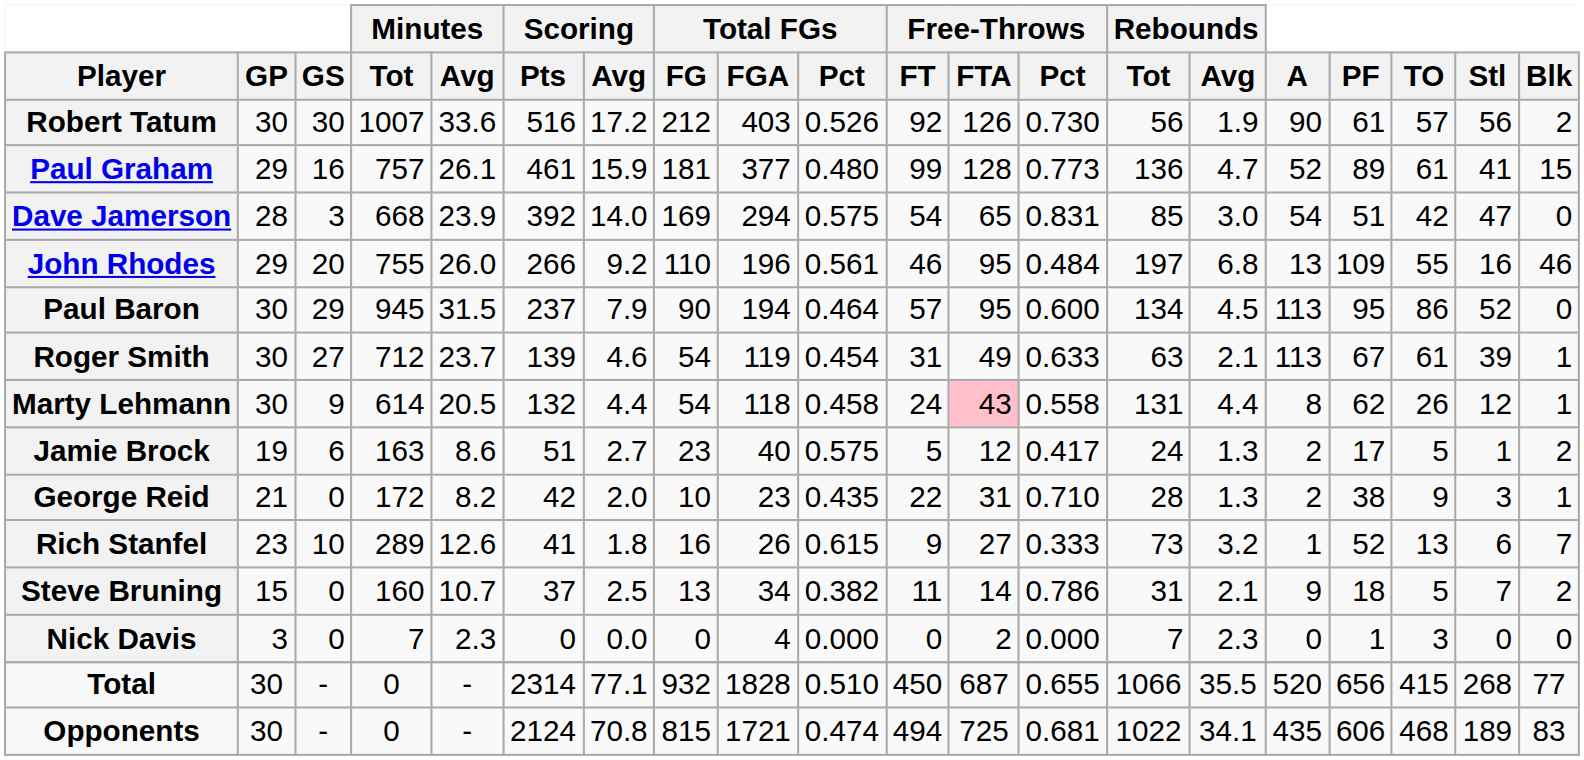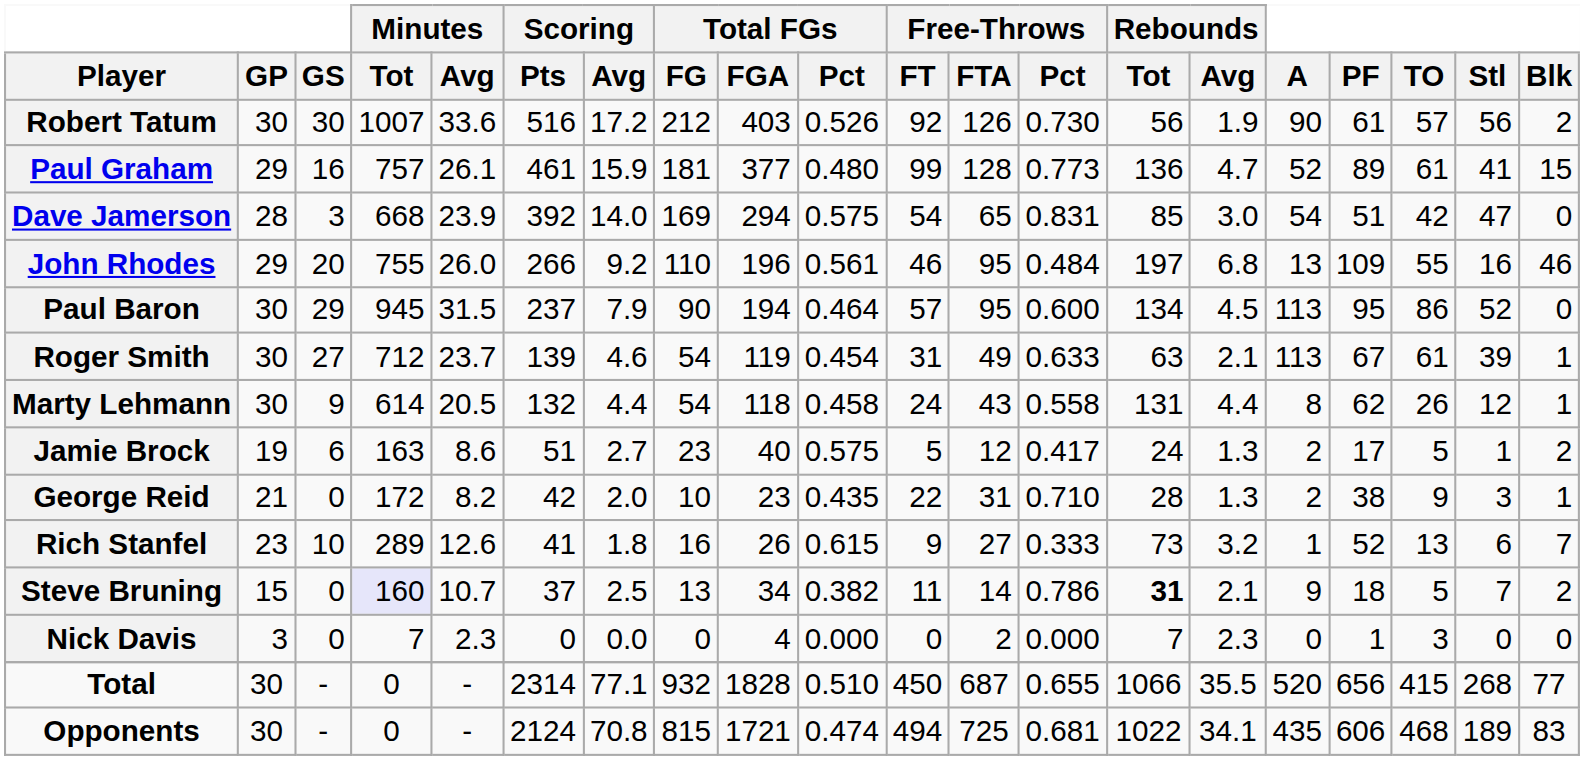 <table class="wikitable sortable" border="1" style="font-size:90%;">
 <tr>
 <th colspan="3" style="border-top-style:hidden; border-left-style:hidden; background: white;"></th>
 <th colspan="2" style=>Minutes</th>
 <th colspan="2" style=>Scoring</th>
 <th colspan="3" style=>Total FGs</th>
 <th colspan="3" style=>Free-Throws</th>
 <th colspan="2" style=>Rebounds</th>
 <th colspan="5" style="border-top-style:hidden; border-right-style:hidden; background: white;"></th>
 </tr>
 <tr>
 <th scope="col" style=>Player</th>
 <th scope="col" style=>GP</th>
 <th scope="col" style=>GS</th>
 <th scope="col" style=>Tot</th>
 <th scope="col" style=>Avg</th>
 <th scope="col" style=>Pts</th>
 <th scope="col" style=>Avg</th>
 <th scope="col" style=>FG</th>
 <th scope="col" style=>FGA</th>
 <th scope="col" style=>Pct</th>
 <th scope="col" style=>FT</th>
 <th scope="col" style=>FTA</th>
 <th scope="col" style=>Pct</th>
 <th scope="col" style=>Tot</th>
 <th scope="col" style=>Avg</th>
 <th scope="col" style=>A</th>
 <th scope="col" style=>PF</th>
 <th scope="col" style=>TO</th>
 <th scope="col" style=>Stl</th>
 <th scope="col" style=>Blk</th>
 </tr>
 <tr>
 <th>Robert Tatum</th>
 <td align="right">30</td>
 <td align="right">30</td>
 <td align="right">1007</td>
 <td align="right">33.6</td>
 <td align="right">516</td>
 <td align="right">17.2</td>
 <td align="right">212</td>
 <td align="right">403</td>
 <td align="right">0.526</td>
 <td align="right">92</td>
 <td align="right">126</td>
 <td align="right">0.730</td>
 <td align="right">56</td>
 <td align="right">1.9</td>
 <td align="right">90</td>
 <td align="right">61</td>
 <td align="right">57</td>
 <td align="right">56</td>
 <td align="right">2</td>
 </tr>
 <tr>
 <th><a href='#'>Paul Graham</a></th>
 <td align="right">29</td>
 <td align="right">16</td>
 <td align="right">757</td>
 <td align="right">26.1</td>
 <td align="right">461</td>
 <td align="right">15.9</td>
 <td align="right">181</td>
 <td align="right">377</td>
 <td align="right">0.480</td>
 <td align="right">99</td>
 <td align="right">128</td>
 <td align="right">0.773</td>
 <td align="right">136</td>
 <td align="right">4.7</td>
 <td align="right">52</td>
 <td align="right">89</td>
 <td align="right">61</td>
 <td align="right">41</td>
 <td align="right">15</td>
 </tr>
 <tr>
 <th><a href='#'>Dave Jamerson</a></th>
 <td align="right">28</td>
 <td align="right">3</td>
 <td align="right">668</td>
 <td align="right">23.9</td>
 <td align="right">392</td>
 <td align="right">14.0</td>
 <td align="right">169</td>
 <td align="right">294</td>
 <td align="right">0.575</td>
 <td align="right">54</td>
 <td align="right">65</td>
 <td align="right">0.831</td>
 <td align="right">85</td>
 <td align="right">3.0</td>
 <td align="right">54</td>
 <td align="right">51</td>
 <td align="right">42</td>
 <td align="right">47</td>
 <td align="right">0</td>
 </tr>
 <tr>
 <th><a href='#'>John Rhodes</a></th>
 <td align="right">29</td>
 <td align="right">20</td>
 <td align="right">755</td>
 <td align="right">26.0</td>
 <td align="right">266</td>
 <td align="right">9.2</td>
 <td align="right">110</td>
 <td align="right">196</td>
 <td align="right">0.561</td>
 <td align="right">46</td>
 <td align="right">95</td>
 <td align="right">0.484</td>
 <td align="right">197</td>
 <td align="right">6.8</td>
 <td align="right">13</td>
 <td align="right">109</td>
 <td align="right">55</td>
 <td align="right">16</td>
 <td align="right">46</td>
 </tr>
 <tr>
 <th>Paul Baron</th>
 <td align="right">30</td>
 <td align="right">29</td>
 <td align="right">945</td>
 <td align="right">31.5</td>
 <td align="right">237</td>
 <td align="right">7.9</td>
 <td align="right">90</td>
 <td align="right">194</td>
 <td align="right">0.464</td>
 <td align="right">57</td>
 <td align="right">95</td>
 <td align="right">0.600</td>
 <td align="right">134</td>
 <td align="right">4.5</td>
 <td align="right">113</td>
 <td align="right">95</td>
 <td align="right">86</td>
 <td align="right">52</td>
 <td align="right">0</td>
 </tr>
 <tr>
 <th>Roger Smith</th>
 <td align="right">30</td>
 <td align="right">27</td>
 <td align="right">712</td>
 <td align="right">23.7</td>
 <td align="right">139</td>
 <td align="right">4.6</td>
 <td align="right">54</td>
 <td align="right">119</td>
 <td align="right">0.454</td>
 <td align="right">31</td>
 <td align="right">49</td>
 <td align="right">0.633</td>
 <td align="right">63</td>
 <td align="right">2.1</td>
 <td align="right">113</td>
 <td align="right">67</td>
 <td align="right">61</td>
 <td align="right">39</td>
 <td align="right">1</td>
 </tr>
 <tr>
 <th>Marty Lehmann</th>
 <td align="right">30</td>
 <td align="right">9</td>
 <td align="right">614</td>
 <td align="right">20.5</td>
 <td align="right">132</td>
 <td align="right">4.4</td>
 <td align="right">54</td>
 <td align="right">118</td>
 <td align="right">0.458</td>
 <td align="right">24</td>
-<td align="right" style="background: pink;">43</td>
+<td align="right">43</td>
 <td align="right">0.558</td>
 <td align="right">131</td>
 <td align="right">4.4</td>
 <td align="right">8</td>
 <td align="right">62</td>
 <td align="right">26</td>
 <td align="right">12</td>
 <td align="right">1</td>
 </tr>
 <tr>
 <th>Jamie Brock</th>
 <td align="right">19</td>
 <td align="right">6</td>
 <td align="right">163</td>
 <td align="right">8.6</td>
 <td align="right">51</td>
 <td align="right">2.7</td>
 <td align="right">23</td>
 <td align="right">40</td>
 <td align="right">0.575</td>
 <td align="right">5</td>
 <td align="right">12</td>
 <td align="right">0.417</td>
 <td align="right">24</td>
 <td align="right">1.3</td>
 <td align="right">2</td>
 <td align="right">17</td>
 <td align="right">5</td>
 <td align="right">1</td>
 <td align="right">2</td>
 </tr>
 <tr>
 <th>George Reid</th>
 <td align="right">21</td>
 <td align="right">0</td>
 <td align="right">172</td>
 <td align="right">8.2</td>
 <td align="right">42</td>
 <td align="right">2.0</td>
 <td align="right">10</td>
 <td align="right">23</td>
 <td align="right">0.435</td>
 <td align="right">22</td>
 <td align="right">31</td>
 <td align="right">0.710</td>
 <td align="right">28</td>
 <td align="right">1.3</td>
 <td align="right">2</td>
 <td align="right">38</td>
 <td align="right">9</td>
 <td align="right">3</td>
 <td align="right">1</td>
 </tr>
 <tr>
 <th>Rich Stanfel</th>
 <td align="right">23</td>
 <td align="right">10</td>
 <td align="right">289</td>
 <td align="right">12.6</td>
 <td align="right">41</td>
 <td align="right">1.8</td>
 <td align="right">16</td>
 <td align="right">26</td>
 <td align="right">0.615</td>
 <td align="right">9</td>
 <td align="right">27</td>
 <td align="right">0.333</td>
 <td align="right">73</td>
 <td align="right">3.2</td>
 <td align="right">1</td>
 <td align="right">52</td>
 <td align="right">13</td>
 <td align="right">6</td>
 <td align="right">7</td>
 </tr>
 <tr>
 <th>Steve Bruning</th>
 <td align="right">15</td>
 <td align="right">0</td>
-<td align="right">160</td>
+<td align="right" style="background: lavender;">160</td>
 <td align="right">10.7</td>
 <td align="right">37</td>
 <td align="right">2.5</td>
 <td align="right">13</td>
 <td align="right">34</td>
 <td align="right">0.382</td>
 <td align="right">11</td>
 <td align="right">14</td>
 <td align="right">0.786</td>
-<td align="right">31</td>
+<td align="right"><strong>31</strong></td>
 <td align="right">2.1</td>
 <td align="right">9</td>
 <td align="right">18</td>
 <td align="right">5</td>
 <td align="right">7</td>
 <td align="right">2</td>
 </tr>
 <tr>
 <th>Nick Davis</th>
 <td align="right">3</td>
 <td align="right">0</td>
 <td align="right">7</td>
 <td align="right">2.3</td>
 <td align="right">0</td>
 <td align="right">0.0</td>
 <td align="right">0</td>
 <td align="right">4</td>
 <td align="right">0.000</td>
 <td align="right">0</td>
 <td align="right">2</td>
 <td align="right">0.000</td>
 <td align="right">7</td>
 <td align="right">2.3</td>
 <td align="right">0</td>
 <td align="right">1</td>
 <td align="right">3</td>
 <td align="right">0</td>
 <td align="right">0</td>
 </tr>
 <tr>
 </tr>
 <tr class="sortbottom">
 <td align="center" style=><strong>Total</strong></td>
 <td align="center" style=>30</td>
 <td align="center" style=>-</td>
 <td align="center" style=>0</td>
 <td align="center" style=>-</td>
 <td align="center" style=>2314</td>
 <td align="center" style=>77.1</td>
 <td align="center" style=>932</td>
 <td align="center" style=>1828</td>
 <td align="center" style=>0.510</td>
 <td align="center" style=>450</td>
 <td align="center" style=>687</td>
 <td align="center" style=>0.655</td>
 <td align="center" style=>1066</td>
 <td align="center" style=>35.5</td>
 <td align="center" style=>520</td>
 <td align="center" style=>656</td>
 <td align="center" style=>415</td>
 <td align="center" style=>268</td>
 <td align="center" style=>77</td>
 </tr>
 <tr class="sortbottom">
 <td align="center"><strong>Opponents</strong></td>
 <td align="center">30</td>
 <td align="center">-</td>
 <td align="center">0</td>
 <td align="center">-</td>
 <td align="center">2124</td>
 <td align="center">70.8</td>
 <td align="center">815</td>
 <td align="center">1721</td>
 <td align="center">0.474</td>
 <td align="center">494</td>
 <td align="center">725</td>
 <td align="center">0.681</td>
 <td align="center">1022</td>
 <td align="center">34.1</td>
 <td align="center">435</td>
 <td align="center">606</td>
 <td align="center">468</td>
 <td align="center">189</td>
 <td align="center">83</td>
 </tr>
 </table>
